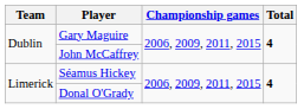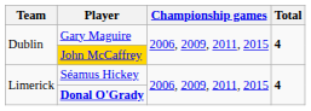 <table class="wikitable">
 <tr>
 <th>Team</th>
 <th>Player</th>
 <th><a href='#'>Championship games</a></th>
 <th>Total</th>
 </tr>
 <tr>
 <td rowspan=2>Dublin</td>
 <td><a href='#'>Gary Maguire</a></td>
 <td rowspan=2><a href='#'>2006</a>, <a href='#'>2009</a>, <a href='#'>2011</a>, <a href='#'>2015</a></td>
 <td rowspan=2><strong>4</strong></td>
 </tr>
 <tr>
-<td><a href='#'>John McCaffrey</a></td>
+<td style="background: gold;"><a href='#'>John McCaffrey</a></td>
 </tr>
 <tr>
 <td rowspan=2>Limerick</td>
 <td><a href='#'>Séamus Hickey</a></td>
 <td rowspan=2><a href='#'>2006</a>, <a href='#'>2009</a>, <a href='#'>2011</a>, <a href='#'>2015</a></td>
 <td rowspan=2><strong>4</strong></td>
 </tr>
 <tr>
-<td><a href='#'>Donal O'Grady</a></td>
+<td><strong><a href='#'>Donal O'Grady</a></strong></td>
 </tr>
 </table>
